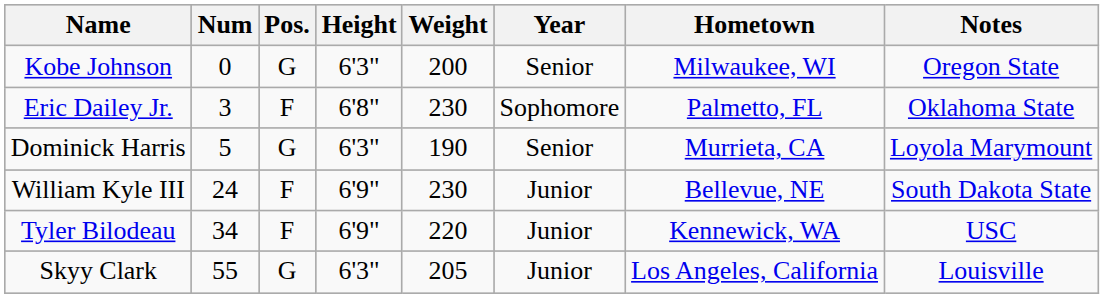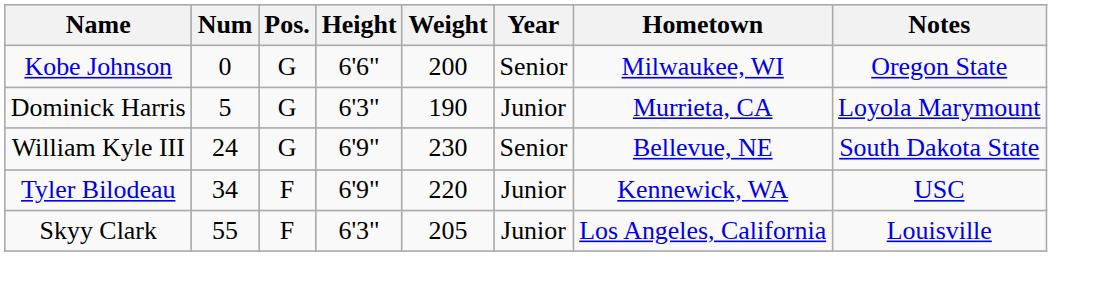 <table class="wikitable sortable sortable" style="text-align: center">
 <tr align=center>
 <th>Name</th>
 <th>Num</th>
 <th>Pos.</th>
 <th>Height</th>
 <th>Weight</th>
 <th>Year</th>
 <th>Hometown</th>
 <th>Notes</th>
 </tr>
 <tr>
 <td><a href='#'>Kobe Johnson</a></td>
 <td>0</td>
 <td>G</td>
-<td>6'3"</td>
+<td>6'6"</td>
 <td>200</td>
 <td>Senior</td>
 <td><a href='#'>Milwaukee, WI</a></td>
 <td><a href='#'>Oregon State</a></td>
-</tr>
-<tr>
-<td><a href='#'>Eric Dailey Jr.</a></td>
-<td>3</td>
-<td>F</td>
-<td>6'8"</td>
-<td>230</td>
-<td>Sophomore</td>
-<td><a href='#'>Palmetto, FL</a></td>
-<td><a href='#'>Oklahoma State</a></td>
 </tr>
 <tr>
 <td>Dominick Harris</td>
 <td>5</td>
 <td>G</td>
 <td>6'3"</td>
 <td>190</td>
-<td> Senior</td>
+<td>Junior</td>
 <td><a href='#'>Murrieta, CA</a></td>
 <td><a href='#'>Loyola Marymount</a></td>
 </tr>
 <tr>
 <td>William Kyle III</td>
 <td>24</td>
-<td>F</td>
+<td>G</td>
 <td>6'9"</td>
 <td>230</td>
-<td>Junior</td>
+<td> Senior</td>
 <td><a href='#'>Bellevue, NE</a></td>
 <td><a href='#'>South Dakota State</a></td>
 </tr>
 <tr>
 <td><a href='#'>Tyler Bilodeau</a></td>
 <td>34</td>
 <td>F</td>
 <td>6'9"</td>
 <td>220</td>
 <td>Junior</td>
 <td><a href='#'>Kennewick, WA</a></td>
 <td><a href='#'>USC</a></td>
 </tr>
 <tr>
 <td>Skyy Clark</td>
 <td>55</td>
-<td>G</td>
+<td>F</td>
 <td>6'3"</td>
 <td>205</td>
 <td>Junior</td>
 <td><a href='#'>Los Angeles, California</a></td>
 <td><a href='#'>Louisville</a></td>
 </tr>
 </table>
